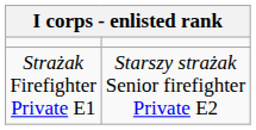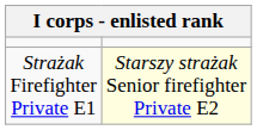 <table class="wikitable" style="text-align: center">
 <tr>
 <th colspan="2">I corps - enlisted rank</th>
 </tr>
 <tr>
 <td></td>
 <td></td>
 </tr>
 <tr>
 <td><em>Strażak</em> <br> Firefighter <br> <a href='#'>Private</a> E1</td>
-<td><em>Starszy strażak</em> <br> Senior firefighter <br> <a href='#'>Private</a> E2</td>
+<td style="background: lightyellow;"><em>Starszy strażak</em> <br> Senior firefighter <br> <a href='#'>Private</a> E2</td>
 </tr>
 </table>
